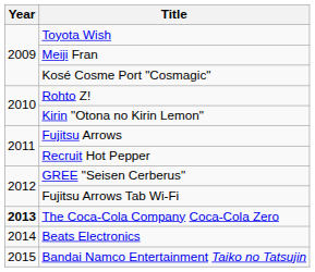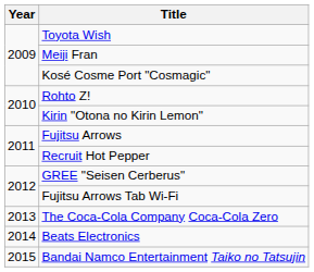 <table class="wikitable">
 <tr>
 <th>Year</th>
 <th>Title</th>
 </tr>
 <tr>
 <td rowspan="3">2009</td>
 <td><a href='#'>Toyota Wish</a></td>
 </tr>
 <tr>
 <td><a href='#'>Meiji</a> Fran</td>
 </tr>
 <tr>
 <td>Kosé Cosme Port "Cosmagic"</td>
 </tr>
 <tr>
 <td rowspan="2">2010</td>
 <td><a href='#'>Rohto</a> Z!</td>
 </tr>
 <tr>
 <td><a href='#'>Kirin</a> "Otona no Kirin Lemon"</td>
 </tr>
 <tr>
 <td rowspan="2">2011</td>
 <td><a href='#'>Fujitsu</a> Arrows</td>
 </tr>
 <tr>
 <td><a href='#'>Recruit</a> Hot Pepper</td>
 </tr>
 <tr>
 <td rowspan="2">2012</td>
 <td><a href='#'>GREE</a> "Seisen Cerberus"</td>
 </tr>
 <tr>
 <td>Fujitsu Arrows Tab Wi-Fi</td>
 </tr>
 <tr>
-<td><strong>2013</strong></td>
+<td>2013</td>
 <td><a href='#'>The Coca-Cola Company</a> <a href='#'>Coca-Cola Zero</a></td>
 </tr>
 <tr>
 <td>2014</td>
 <td><a href='#'>Beats Electronics</a></td>
 </tr>
 <tr>
 <td>2015</td>
 <td><a href='#'>Bandai Namco Entertainment</a> <em><a href='#'>Taiko no Tatsujin</a></em></td>
 </tr>
 </table>
